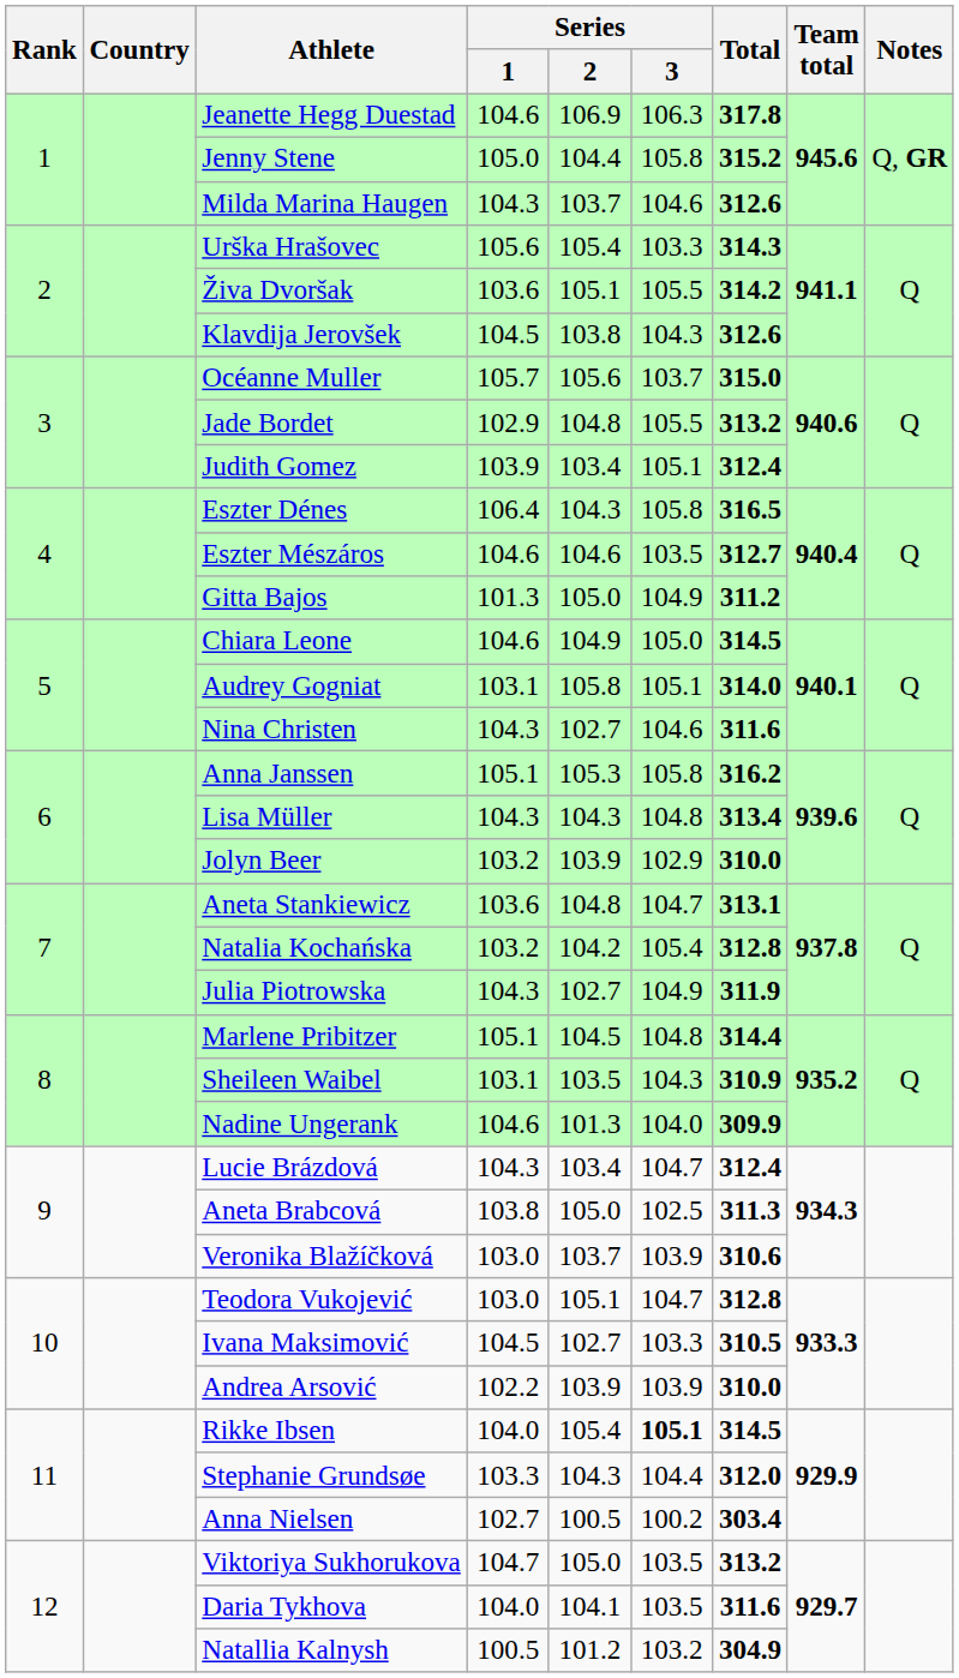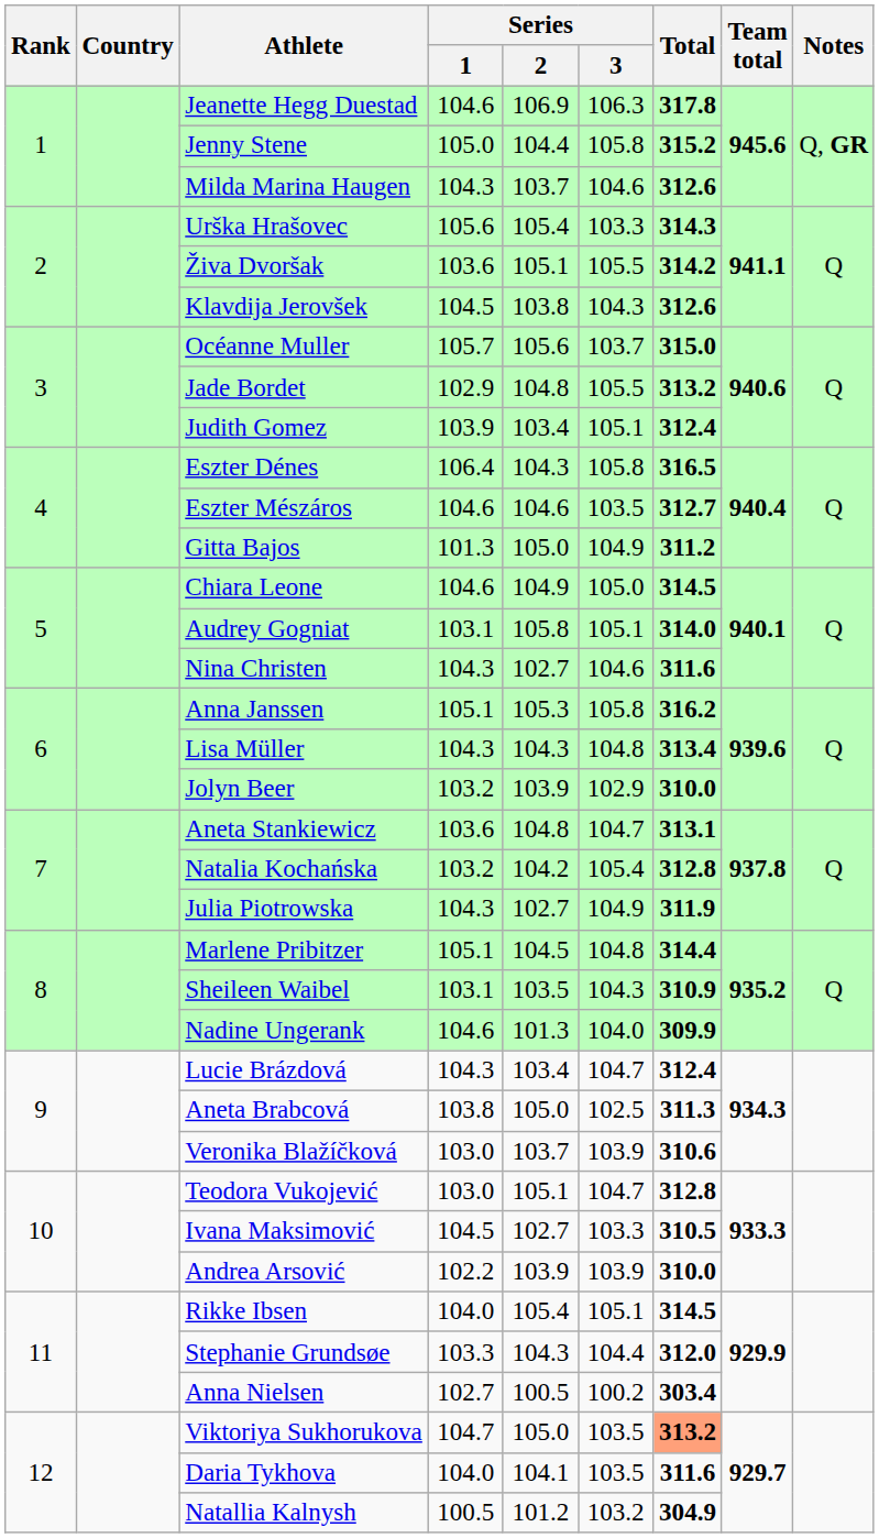 <table class="wikitable sortable" style="text-align:center">
 <tr>
 <th rowspan=2>Rank</th>
 <th rowspan=2>Country</th>
 <th rowspan=2>Athlete</th>
 <th colspan=3>Series</th>
 <th rowspan=2>Total</th>
 <th rowspan=2>Team<br>total</th>
 <th rowspan=2>Notes</th>
 </tr>
 <tr>
 <th width="40px">1</th>
 <th width="40px">2</th>
 <th width="40px">3</th>
 </tr>
 <tr bgcolor="bbffbb">
 <td rowspan=3>1</td>
 <td rowspan=3 align=left></td>
 <td align=left><a href='#'>Jeanette Hegg Duestad</a></td>
 <td>104.6</td>
 <td>106.9</td>
 <td>106.3</td>
 <td><strong>317.8</strong></td>
 <td rowspan=3><strong>945.6</strong></td>
 <td rowspan=3>Q, <strong>GR</strong></td>
 </tr>
 <tr bgcolor=bbffbb>
 <td align=left><a href='#'>Jenny Stene</a></td>
 <td>105.0</td>
 <td>104.4</td>
 <td>105.8</td>
 <td><strong>315.2</strong></td>
 </tr>
 <tr bgcolor="bbffbb">
 <td align=left><a href='#'>Milda Marina Haugen</a></td>
 <td>104.3</td>
 <td>103.7</td>
 <td>104.6</td>
 <td><strong>312.6</strong></td>
 </tr>
 <tr bgcolor=bbffbb>
 <td rowspan=3>2</td>
 <td rowspan=3 align=left></td>
 <td align=left><a href='#'>Urška Hrašovec</a></td>
 <td>105.6</td>
 <td>105.4</td>
 <td>103.3</td>
 <td><strong>314.3</strong></td>
 <td rowspan=3><strong>941.1</strong></td>
 <td rowspan=3>Q</td>
 </tr>
 <tr bgcolor=bbffbb>
 <td align=left><a href='#'>Živa Dvoršak</a></td>
 <td>103.6</td>
 <td>105.1</td>
 <td>105.5</td>
 <td><strong>314.2</strong></td>
 </tr>
 <tr bgcolor=bbffbb>
 <td align=left><a href='#'>Klavdija Jerovšek</a></td>
 <td>104.5</td>
 <td>103.8</td>
 <td>104.3</td>
 <td><strong>312.6</strong></td>
 </tr>
 <tr bgcolor=bbffbb>
 <td rowspan=3>3</td>
 <td rowspan=3 align=left></td>
 <td align=left><a href='#'>Océanne Muller</a></td>
 <td>105.7</td>
 <td>105.6</td>
 <td>103.7</td>
 <td><strong>315.0</strong></td>
 <td rowspan=3><strong>940.6</strong></td>
 <td rowspan=3>Q</td>
 </tr>
 <tr bgcolor=bbffbb>
 <td align=left><a href='#'>Jade Bordet</a></td>
 <td>102.9</td>
 <td>104.8</td>
 <td>105.5</td>
 <td><strong>313.2</strong></td>
 </tr>
 <tr bgcolor=bbffbb>
 <td align=left><a href='#'>Judith Gomez</a></td>
 <td>103.9</td>
 <td>103.4</td>
 <td>105.1</td>
 <td><strong>312.4</strong></td>
 </tr>
 <tr bgcolor=bbffbb>
 <td rowspan=3>4</td>
 <td rowspan=3 align=left></td>
 <td align=left><a href='#'>Eszter Dénes</a></td>
 <td>106.4</td>
 <td>104.3</td>
 <td>105.8</td>
 <td><strong>316.5</strong></td>
 <td rowspan=3><strong>940.4</strong></td>
 <td rowspan=3>Q</td>
 </tr>
 <tr bgcolor=bbffbb>
 <td align=left><a href='#'>Eszter Mészáros</a></td>
 <td>104.6</td>
 <td>104.6</td>
 <td>103.5</td>
 <td><strong>312.7</strong></td>
 </tr>
 <tr bgcolor=bbffbb>
 <td align=left><a href='#'>Gitta Bajos</a></td>
 <td>101.3</td>
 <td>105.0</td>
 <td>104.9</td>
 <td><strong>311.2</strong></td>
 </tr>
 <tr bgcolor=bbffbb>
 <td rowspan=3>5</td>
 <td rowspan=3 align=left></td>
 <td align=left><a href='#'>Chiara Leone</a></td>
 <td>104.6</td>
 <td>104.9</td>
 <td>105.0</td>
 <td><strong>314.5</strong></td>
 <td rowspan=3><strong>940.1</strong></td>
 <td rowspan=3>Q</td>
 </tr>
 <tr bgcolor=bbffbb>
 <td align=left><a href='#'>Audrey Gogniat</a></td>
 <td>103.1</td>
 <td>105.8</td>
 <td>105.1</td>
 <td><strong>314.0</strong></td>
 </tr>
 <tr bgcolor=bbffbb>
 <td align=left><a href='#'>Nina Christen</a></td>
 <td>104.3</td>
 <td>102.7</td>
 <td>104.6</td>
 <td><strong>311.6</strong></td>
 </tr>
 <tr bgcolor=bbffbb>
 <td rowspan=3>6</td>
 <td rowspan=3 align=left></td>
 <td align=left><a href='#'>Anna Janssen</a></td>
 <td>105.1</td>
 <td>105.3</td>
 <td>105.8</td>
 <td><strong>316.2</strong></td>
 <td rowspan=3><strong>939.6</strong></td>
 <td rowspan=3>Q</td>
 </tr>
 <tr bgcolor=bbffbb>
 <td align=left><a href='#'>Lisa Müller</a></td>
 <td>104.3</td>
 <td>104.3</td>
 <td>104.8</td>
 <td><strong>313.4</strong></td>
 </tr>
 <tr bgcolor=bbffbb>
 <td align=left><a href='#'>Jolyn Beer</a></td>
 <td>103.2</td>
 <td>103.9</td>
 <td>102.9</td>
 <td><strong>310.0</strong></td>
 </tr>
 <tr bgcolor=bbffbb>
 <td rowspan=3>7</td>
 <td rowspan=3 align=left></td>
 <td align=left><a href='#'>Aneta Stankiewicz</a></td>
 <td>103.6</td>
 <td>104.8</td>
 <td>104.7</td>
 <td><strong>313.1</strong></td>
 <td rowspan=3><strong>937.8</strong></td>
 <td rowspan=3>Q</td>
 </tr>
 <tr bgcolor=bbffbb>
 <td align=left><a href='#'>Natalia Kochańska</a></td>
 <td>103.2</td>
 <td>104.2</td>
 <td>105.4</td>
 <td><strong>312.8</strong></td>
 </tr>
 <tr bgcolor=bbffbb>
 <td align=left><a href='#'>Julia Piotrowska</a></td>
 <td>104.3</td>
 <td>102.7</td>
 <td>104.9</td>
 <td><strong>311.9</strong></td>
 </tr>
 <tr bgcolor=bbffbb>
 <td rowspan=3>8</td>
 <td rowspan=3 align=left></td>
 <td align=left><a href='#'>Marlene Pribitzer</a></td>
 <td>105.1</td>
 <td>104.5</td>
 <td>104.8</td>
 <td><strong>314.4</strong></td>
 <td rowspan=3><strong>935.2</strong></td>
 <td rowspan=3>Q</td>
 </tr>
 <tr bgcolor=bbffbb>
 <td align=left><a href='#'>Sheileen Waibel</a></td>
 <td>103.1</td>
 <td>103.5</td>
 <td>104.3</td>
 <td><strong>310.9</strong></td>
 </tr>
 <tr bgcolor=bbffbb>
 <td align=left><a href='#'>Nadine Ungerank</a></td>
 <td>104.6</td>
 <td>101.3</td>
 <td>104.0</td>
 <td><strong>309.9</strong></td>
 </tr>
 <tr>
 <td rowspan=3>9</td>
 <td rowspan=3 align=left></td>
 <td align=left><a href='#'>Lucie Brázdová</a></td>
 <td>104.3</td>
 <td>103.4</td>
 <td>104.7</td>
 <td><strong>312.4</strong></td>
 <td rowspan=3><strong>934.3</strong></td>
 <td rowspan=3></td>
 </tr>
 <tr>
 <td align=left><a href='#'>Aneta Brabcová</a></td>
 <td>103.8</td>
 <td>105.0</td>
 <td>102.5</td>
 <td><strong>311.3</strong></td>
 </tr>
 <tr>
 <td align=left><a href='#'>Veronika Blažíčková</a></td>
 <td>103.0</td>
 <td>103.7</td>
 <td>103.9</td>
 <td><strong>310.6</strong></td>
 </tr>
 <tr>
 <td rowspan=3>10</td>
 <td rowspan=3 align=left></td>
 <td align=left><a href='#'>Teodora Vukojević</a></td>
 <td>103.0</td>
 <td>105.1</td>
 <td>104.7</td>
 <td><strong>312.8</strong></td>
 <td rowspan=3><strong>933.3</strong></td>
 <td rowspan=3></td>
 </tr>
 <tr>
 <td align=left><a href='#'>Ivana Maksimović</a></td>
 <td>104.5</td>
 <td>102.7</td>
 <td>103.3</td>
 <td><strong>310.5</strong></td>
 </tr>
 <tr>
 <td align=left><a href='#'>Andrea Arsović</a></td>
 <td>102.2</td>
 <td>103.9</td>
 <td>103.9</td>
 <td><strong>310.0</strong></td>
 </tr>
 <tr>
 <td rowspan=3>11</td>
 <td rowspan=3 align=left></td>
 <td align=left><a href='#'>Rikke Ibsen</a></td>
 <td>104.0</td>
 <td>105.4</td>
-<td><strong>105.1</strong></td>
+<td>105.1</td>
 <td><strong>314.5</strong></td>
 <td rowspan=3><strong>929.9</strong></td>
 <td rowspan=3></td>
 </tr>
 <tr>
 <td align=left><a href='#'>Stephanie Grundsøe</a></td>
 <td>103.3</td>
 <td>104.3</td>
 <td>104.4</td>
 <td><strong>312.0</strong></td>
 </tr>
 <tr>
 <td align=left><a href='#'>Anna Nielsen</a></td>
 <td>102.7</td>
 <td>100.5</td>
 <td>100.2</td>
 <td><strong>303.4</strong></td>
 </tr>
 <tr>
 <td rowspan=3>12</td>
 <td rowspan=3 align=left></td>
 <td align=left><a href='#'>Viktoriya Sukhorukova</a></td>
 <td>104.7</td>
 <td>105.0</td>
 <td>103.5</td>
-<td><strong>313.2</strong></td>
+<td style="background: lightsalmon;"><strong>313.2</strong></td>
 <td rowspan=3><strong>929.7</strong></td>
 <td rowspan=3></td>
 </tr>
 <tr>
 <td align=left><a href='#'>Daria Tykhova</a></td>
 <td>104.0</td>
 <td>104.1</td>
 <td>103.5</td>
 <td><strong>311.6</strong></td>
 </tr>
 <tr>
 <td align=left><a href='#'>Natallia Kalnysh</a></td>
 <td>100.5</td>
 <td>101.2</td>
 <td>103.2</td>
 <td><strong>304.9</strong></td>
 </tr>
 </table>
